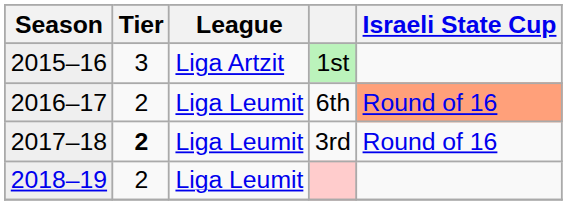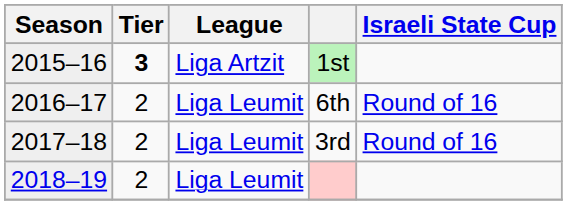 <table class="wikitable" style="font-size:85%">
 <tr bgcolor=>
 <th>Season</th>
 <th>Tier</th>
 <th>League</th>
 <th></th>
 <th><a href='#'>Israeli State Cup</a></th>
 </tr>
 <tr>
 <td style="background:#efefef;">2015–16</td>
-<td align=center>3</td>
+<td align=center><strong>3</strong></td>
 <td><a href='#'>Liga Artzit</a></td>
 <td style="background:#BBF3BB" align=center>1st</td>
 <td></td>
 </tr>
 <tr>
 <td style="background:#efefef;">2016–17</td>
 <td align=center>2</td>
 <td><a href='#'>Liga Leumit</a></td>
 <td align=center>6th</td>
-<td style="background: lightsalmon;"><a href='#'>Round of 16</a></td>
+<td><a href='#'>Round of 16</a></td>
 </tr>
 <tr>
 <td style="background:#efefef;">2017–18</td>
-<td style="text-align:center;"><strong>2</strong></td>
+<td style="text-align:center;">2</td>
 <td><a href='#'>Liga Leumit</a></td>
 <td align=center>3rd</td>
 <td><a href='#'>Round of 16</a></td>
 </tr>
 <tr>
 <td style="background:#efefef;"><a href='#'>2018–19</a></td>
 <td style="text-align:center;">2</td>
 <td><a href='#'>Liga Leumit</a></td>
 <td bgcolor=#fcc></td>
 <td></td>
 </tr>
 <tr>
 </tr>
 </table>
